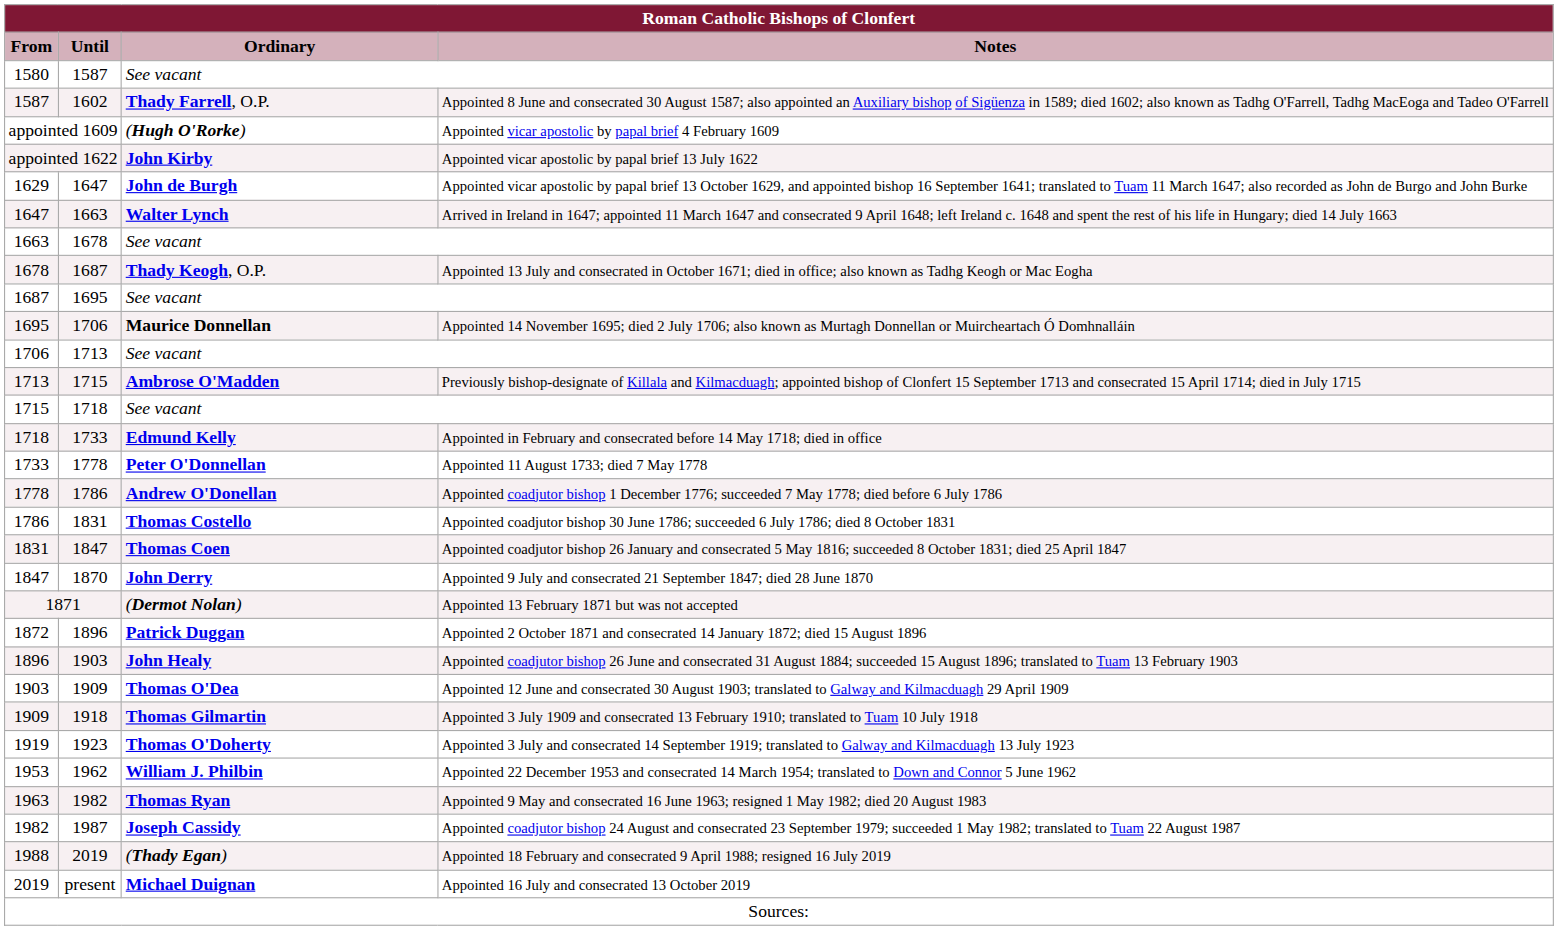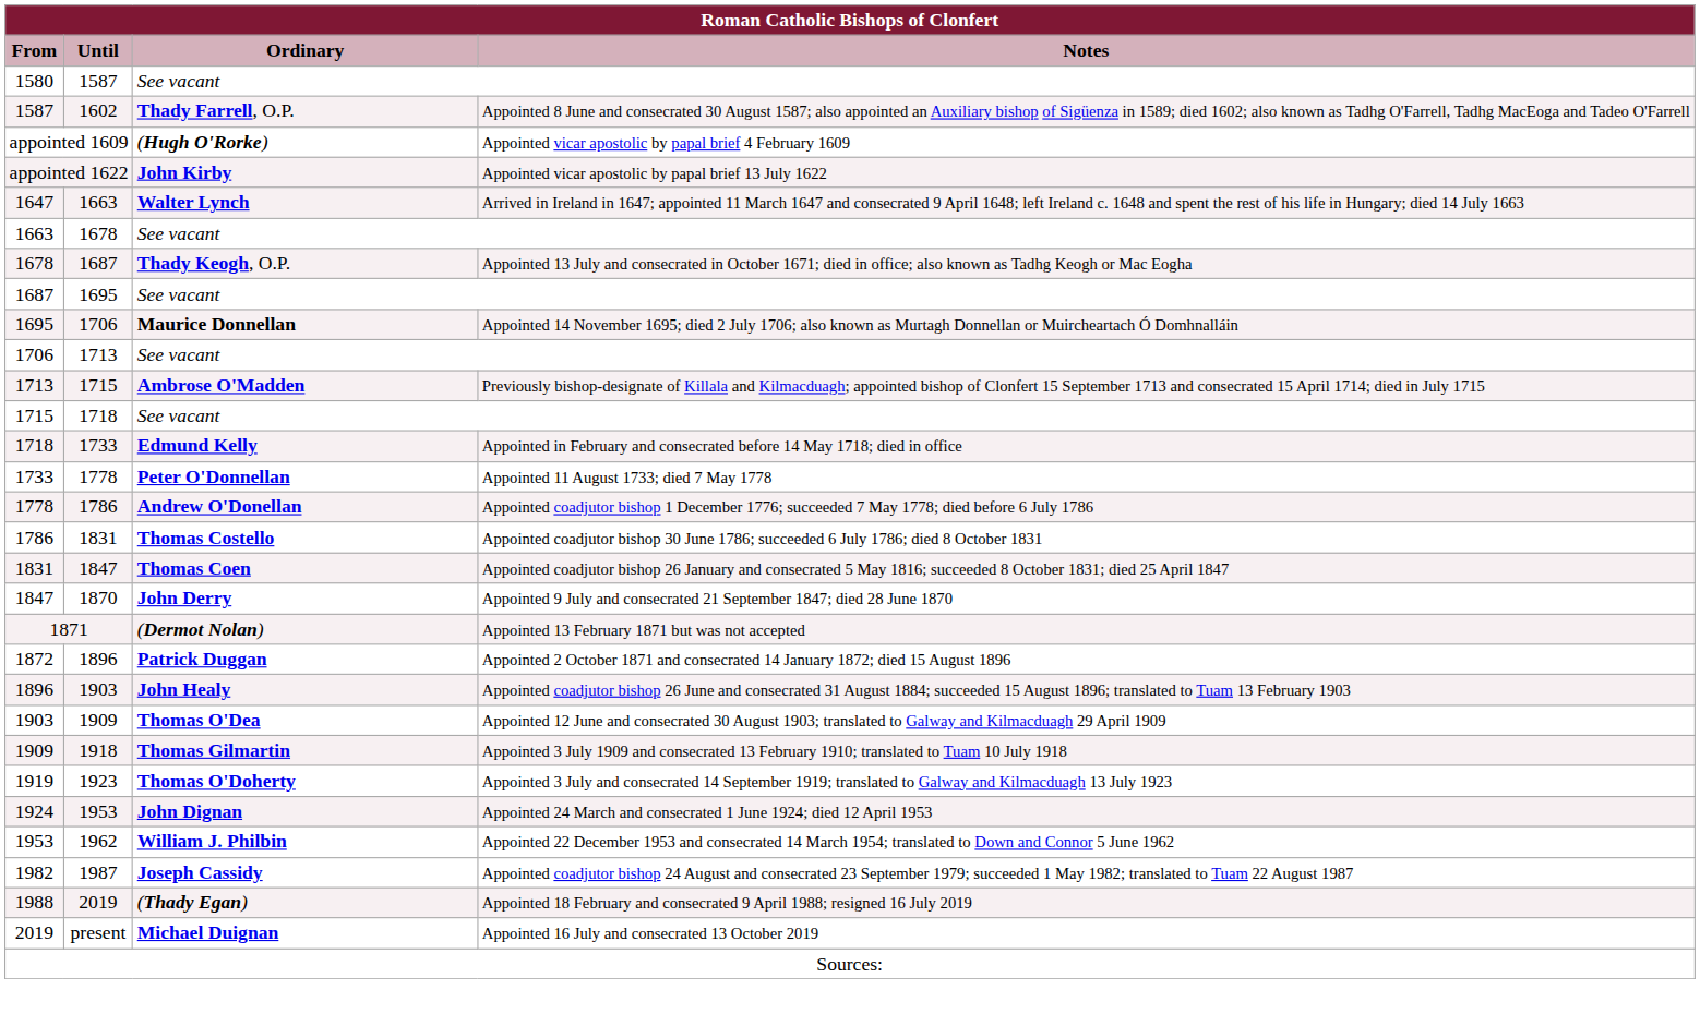 <table class="wikitable">
 <tr>
 <th colspan="4" style="background-color: #7F1734; color: white;">Roman Catholic Bishops of Clonfert</th>
 </tr>
 <tr>
 <th style="background-color: #D4B1BB;">From</th>
 <th style="background-color: #D4B1BB;">Until</th>
 <th style="background-color: #D4B1BB;" width=280pt>Ordinary</th>
 <th style="background-color: #D4B1BB;">Notes</th>
 </tr>
 <tr valign="top" style="background-color: #FFFFFF;">
 <td align=center>1580</td>
 <td align=center>1587</td>
 <td colspan=2><em>See vacant</em></td>
 </tr>
 <tr valign="top" style="background-color: #F7F0F2;">
 <td align=center>1587</td>
 <td align=center>1602</td>
 <td><strong><a href='#'>Thady Farrell</a></strong>, O.P.</td>
 <td><small>Appointed 8 June and consecrated 30 August 1587; also appointed an <a href='#'>Auxiliary bishop</a> <a href='#'>of Sigüenza</a> in 1589; died 1602; also known as Tadhg O'Farrell, Tadhg MacEoga and Tadeo O'Farrell</small></td>
 </tr>
 <tr valign="top" style="background-color: #FFFFFF;">
 <td colspan="2" align=center>appointed 1609</td>
 <td><em>(<strong>Hugh O'Rorke</strong>)</em></td>
 <td><small>Appointed <a href='#'>vicar apostolic</a> by <a href='#'>papal brief</a> 4 February 1609</small></td>
 </tr>
 <tr valign="top" style="background-color: #F7F0F2;">
 <td colspan="2" align=center>appointed 1622</td>
 <td><strong><a href='#'>John Kirby</a></strong></td>
 <td><small>Appointed vicar apostolic by papal brief 13 July 1622</small></td>
-</tr>
-<tr valign="top" style="background-color: #FFFFFF;">
-<td align=center>1629</td>
-<td align=center>1647</td>
-<td><strong><a href='#'>John de Burgh</a></strong></td>
-<td><small>Appointed vicar apostolic by papal brief 13 October 1629, and appointed bishop 16 September 1641; translated to <a href='#'>Tuam</a> 11 March 1647; also recorded as John de Burgo and John Burke</small></td>
 </tr>
 <tr valign="top" style="background-color: #F7F0F2;">
 <td align=center>1647</td>
 <td align=center>1663</td>
 <td><strong><a href='#'>Walter Lynch</a></strong></td>
 <td><small>Arrived in Ireland in 1647; appointed 11 March 1647 and consecrated 9 April 1648; left Ireland c. 1648 and spent the rest of his life in Hungary; died 14 July 1663</small></td>
 </tr>
 <tr valign="top" style="background-color: #FFFFFF;">
 <td align=center>1663</td>
 <td align=center>1678</td>
 <td colspan=2><em>See vacant</em></td>
 </tr>
 <tr valign="top" style="background-color: #F7F0F2;">
 <td align=center>1678</td>
 <td align=center>1687</td>
 <td><strong><a href='#'>Thady Keogh</a></strong>, O.P.</td>
 <td><small>Appointed 13 July and consecrated in October 1671; died in office; also known as Tadhg Keogh or Mac Eogha</small></td>
 </tr>
 <tr valign="top" style="background-color: #FFFFFF;">
 <td align=center>1687</td>
 <td align=center>1695</td>
 <td colspan=2><em>See vacant</em></td>
 </tr>
 <tr valign="top" style="background-color: #F7F0F2;">
 <td align=center>1695</td>
 <td align=center>1706</td>
 <td><strong>Maurice Donnellan</strong></td>
 <td><small>Appointed 14 November 1695; died 2 July 1706; also known as Murtagh Donnellan or Muircheartach Ó Domhnalláin</small></td>
 </tr>
 <tr valign="top" style="background-color: #FFFFFF;">
 <td align=center>1706</td>
 <td align=center>1713</td>
 <td colspan=2><em>See vacant</em></td>
 </tr>
 <tr valign="top" style="background-color: #F7F0F2;">
 <td align=center>1713</td>
 <td align=center>1715</td>
 <td><strong><a href='#'>Ambrose O'Madden</a></strong></td>
 <td><small>Previously bishop-designate of <a href='#'>Killala</a> and <a href='#'>Kilmacduagh</a>; appointed bishop of Clonfert 15 September 1713 and consecrated 15 April 1714; died in July 1715</small></td>
 </tr>
 <tr valign="top" style="background-color: #FFFFFF;">
 <td align=center>1715</td>
 <td align=center>1718</td>
 <td colspan=2><em>See vacant</em></td>
 </tr>
 <tr valign="top" style="background-color: #F7F0F2;">
 <td align=center>1718</td>
 <td align=center>1733</td>
 <td><strong><a href='#'>Edmund Kelly</a></strong></td>
 <td><small>Appointed in February and consecrated before 14 May 1718; died in office</small></td>
 </tr>
 <tr valign="top" style="background-color: #FFFFFF;">
 <td align=center>1733</td>
 <td align=center>1778</td>
 <td><strong><a href='#'>Peter O'Donnellan</a></strong></td>
 <td><small>Appointed 11 August 1733; died 7 May 1778</small></td>
 </tr>
 <tr valign="top" style="background-color: #F7F0F2;">
 <td align=center>1778</td>
 <td align=center>1786</td>
 <td><strong><a href='#'>Andrew O'Donellan</a></strong></td>
 <td><small>Appointed <a href='#'>coadjutor bishop</a> 1 December 1776; succeeded 7 May 1778; died before 6 July 1786</small></td>
 </tr>
 <tr valign="top" style="background-color: #FFFFFF;">
 <td align=center>1786</td>
 <td align=center>1831</td>
 <td><strong><a href='#'>Thomas Costello</a></strong></td>
 <td><small>Appointed coadjutor bishop 30 June 1786; succeeded 6 July 1786; died 8 October 1831</small></td>
 </tr>
 <tr valign="top" style="background-color: #F7F0F2;">
 <td align=center>1831</td>
 <td align=center>1847</td>
 <td><strong><a href='#'>Thomas Coen</a></strong></td>
 <td><small>Appointed coadjutor bishop 26 January and consecrated 5 May 1816; succeeded 8 October 1831; died 25 April 1847</small></td>
 </tr>
 <tr valign="top" style="background-color: #FFFFFF;">
 <td align=center>1847</td>
 <td align=center>1870</td>
 <td><strong><a href='#'>John Derry</a></strong></td>
 <td><small>Appointed 9 July and consecrated 21 September 1847; died 28 June 1870</small></td>
 </tr>
 <tr valign="top" style="background-color: #F7F0F2;">
 <td colspan="2" align=center>1871</td>
 <td><em>(<strong>Dermot Nolan</strong>)</em></td>
 <td><small>Appointed 13 February 1871 but was not accepted</small></td>
 </tr>
 <tr valign="top" style="background-color: #FFFFFF;">
 <td align=center>1872</td>
 <td align=center>1896</td>
 <td><strong><a href='#'>Patrick Duggan</a></strong></td>
 <td><small>Appointed 2 October 1871 and consecrated 14 January 1872; died 15 August 1896</small></td>
 </tr>
 <tr valign="top" style="background-color: #F7F0F2;">
 <td align=center>1896</td>
 <td align=center>1903</td>
 <td><strong><a href='#'>John Healy</a></strong></td>
 <td><small>Appointed <a href='#'>coadjutor bishop</a> 26 June and consecrated 31 August 1884; succeeded 15 August 1896; translated to <a href='#'>Tuam</a> 13 February 1903</small></td>
 </tr>
 <tr valign="top" style="background-color: #FFFFFF;">
 <td align=center>1903</td>
 <td align=center>1909</td>
 <td><strong><a href='#'>Thomas O'Dea</a></strong></td>
 <td><small>Appointed 12 June and consecrated 30 August 1903; translated to <a href='#'>Galway and Kilmacduagh</a> 29 April 1909</small></td>
 </tr>
 <tr valign="top" style="background-color: #F7F0F2;">
 <td align=center>1909</td>
 <td align=center>1918</td>
 <td><strong><a href='#'>Thomas Gilmartin</a></strong></td>
 <td><small>Appointed 3 July 1909 and consecrated 13 February 1910; translated to <a href='#'>Tuam</a> 10 July 1918</small></td>
 </tr>
 <tr valign="top" style="background-color: #FFFFFF;">
 <td align=center>1919</td>
 <td align=center>1923</td>
 <td><strong><a href='#'>Thomas O'Doherty</a></strong></td>
 <td><small>Appointed 3 July and consecrated 14 September 1919; translated to <a href='#'>Galway and Kilmacduagh</a> 13 July 1923</small></td>
 </tr>
+<tr valign="top" style="background-color: #F7F0F2;">
+<td align=center>1924</td>
+<td align=center>1953</td>
+<td><strong><a href='#'>John Dignan</a></strong></td>
+<td><small>Appointed 24 March and consecrated 1 June 1924; died 12 April 1953</small></td>
+</tr>
 <tr valign="top" style="background-color: #FFFFFF;">
 <td align=center>1953</td>
 <td align=center>1962</td>
 <td><strong><a href='#'>William J. Philbin</a></strong></td>
 <td><small>Appointed 22 December 1953 and consecrated 14 March 1954; translated to <a href='#'>Down and Connor</a> 5 June 1962</small></td>
-</tr>
-<tr valign="top" style="background-color: #F7F0F2;">
-<td align=center>1963</td>
-<td align=center>1982</td>
-<td><strong><a href='#'>Thomas Ryan</a></strong></td>
-<td><small>Appointed 9 May and consecrated 16 June 1963; resigned 1 May 1982; died 20 August 1983</small></td>
 </tr>
 <tr valign="top" style="background-color: #FFFFFF;">
 <td align=center>1982</td>
 <td align=center>1987</td>
 <td><strong><a href='#'>Joseph Cassidy</a></strong></td>
 <td><small>Appointed <a href='#'>coadjutor bishop</a> 24 August and consecrated 23 September 1979; succeeded 1 May 1982; translated to <a href='#'>Tuam</a> 22 August 1987</small></td>
 </tr>
 <tr valign="top" style="background-color: #F7F0F2;">
 <td align=center>1988</td>
 <td align=center>2019</td>
 <td><em>(<strong>Thady Egan</strong>)</em></td>
 <td><small>Appointed 18 February and consecrated 9 April 1988; resigned 16 July 2019</small></td>
 </tr>
 <tr valign="top" style="background-color: #FFFFFF;">
 <td align=center>2019</td>
 <td align=center>present</td>
 <td><strong><a href='#'>Michael Duignan</a></strong></td>
 <td><small>Appointed 16 July and consecrated 13 October 2019</small></td>
 </tr>
 <tr valign="top" style="background-color: #FFFFFF;">
 <td colspan=4 align=center>Sources:</td>
 </tr>
 </table>
